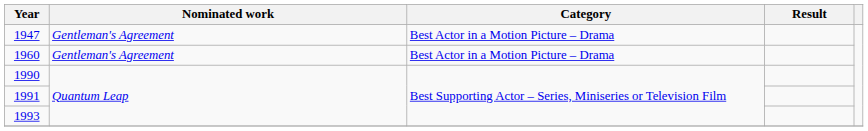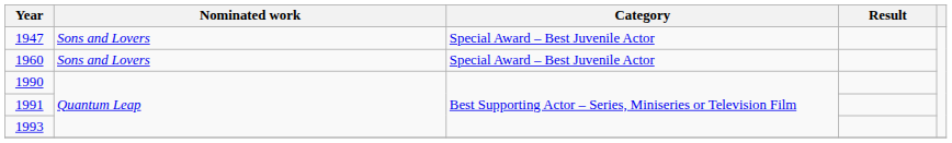 <table class="wikitable" style="width:85%;">
 <tr>
 <th width=5%>Year</th>
 <th style="width:40%;">Nominated work</th>
 <th style="width:40%;">Category</th>
 <th style="width:10%;">Result</th>
 <th width=1%></th>
 </tr>
 <tr>
 <td style="text-align:center;"><a href='#'>1947</a></td>
-<td><em><a href='#'>Gentleman's Agreement</a></em></td>
-<td><a href='#'>Best Actor in a Motion Picture – Drama</a></td>
+<td><em><a href='#'>Sons and Lovers</a></em></td>
+<td><a href='#'>Special Award – Best Juvenile Actor</a></td>
 <td></td>
 <td rowspan="5" style="text-align:center;"></td>
 </tr>
 <tr>
 <td style="text-align:center;"><a href='#'>1960</a></td>
-<td><em><a href='#'>Gentleman's Agreement</a></em></td>
-<td><a href='#'>Best Actor in a Motion Picture – Drama</a></td>
+<td><em><a href='#'>Sons and Lovers</a></em></td>
+<td><a href='#'>Special Award – Best Juvenile Actor</a></td>
 <td></td>
 </tr>
 <tr>
 <td style="text-align:center;"><a href='#'>1990</a></td>
 <td rowspan="3'"><em><a href='#'>Quantum Leap</a></em></td>
 <td rowspan="3"><a href='#'>Best Supporting Actor – Series, Miniseries or Television Film</a></td>
 <td></td>
 </tr>
 <tr>
 <td style="text-align:center;"><a href='#'>1991</a></td>
 <td></td>
 </tr>
 <tr>
 <td style="text-align:center;"><a href='#'>1993</a></td>
 <td></td>
 </tr>
 <tr>
 </tr>
 </table>
